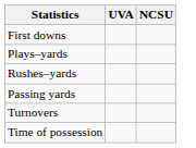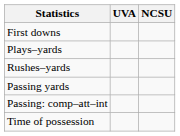 <table class="wikitable" style="float:left">
 <tr>
 <th>Statistics</th>
 <th>UVA</th>
 <th>NCSU</th>
 </tr>
 <tr>
 <td>First downs</td>
 <td></td>
 <td></td>
 </tr>
 <tr>
 <td>Plays–yards</td>
 <td></td>
 <td></td>
 </tr>
 <tr>
 <td>Rushes–yards</td>
 <td></td>
 <td></td>
 </tr>
 <tr>
 <td>Passing yards</td>
 <td></td>
 <td></td>
 </tr>
 <tr>
-<td>Turnovers</td>
+<td>Passing: comp–att–int</td>
 <td></td>
 <td></td>
 </tr>
 <tr>
 <td>Time of possession</td>
 <td></td>
 <td></td>
 </tr>
 </table>
